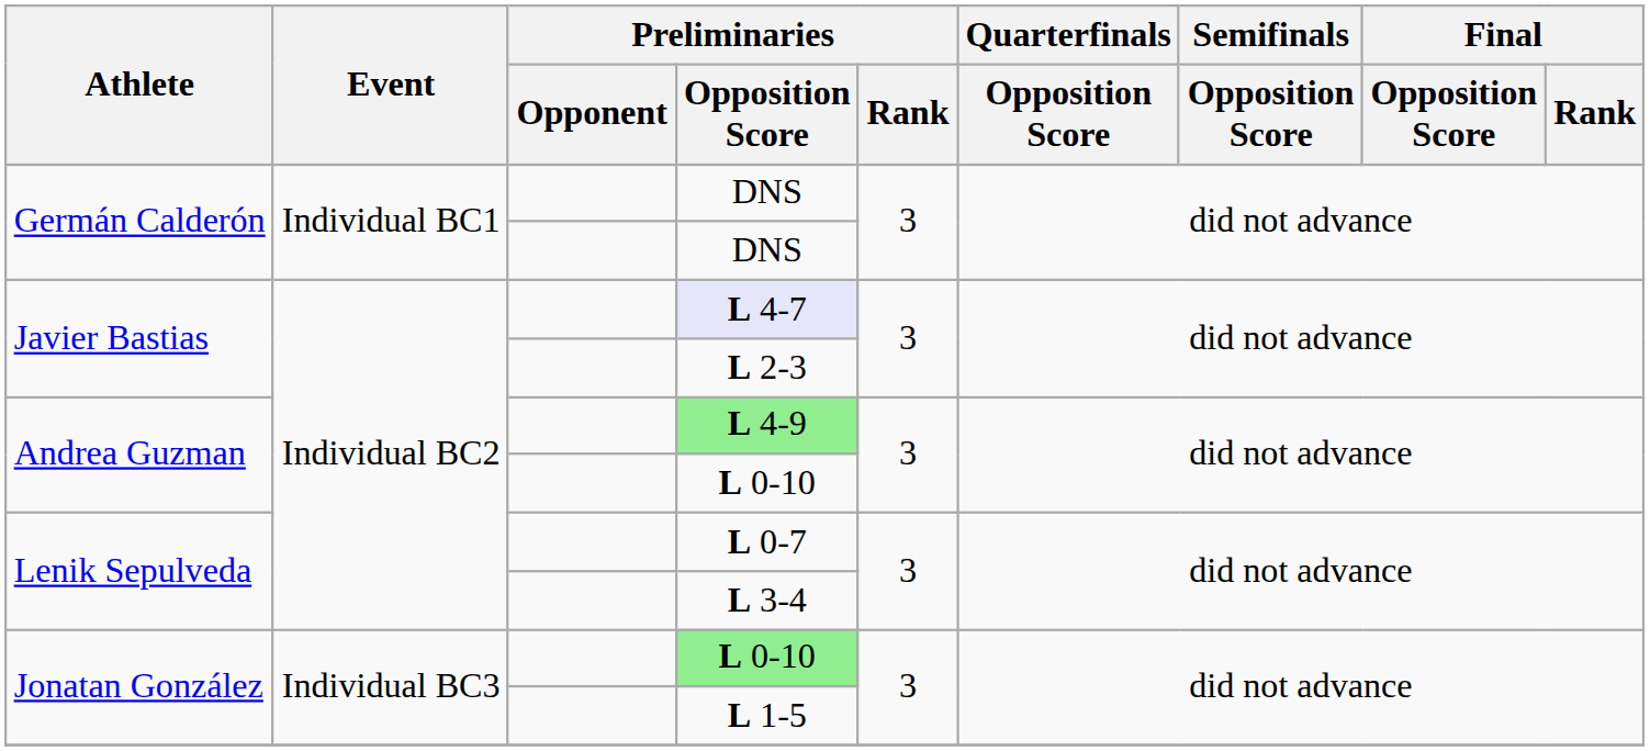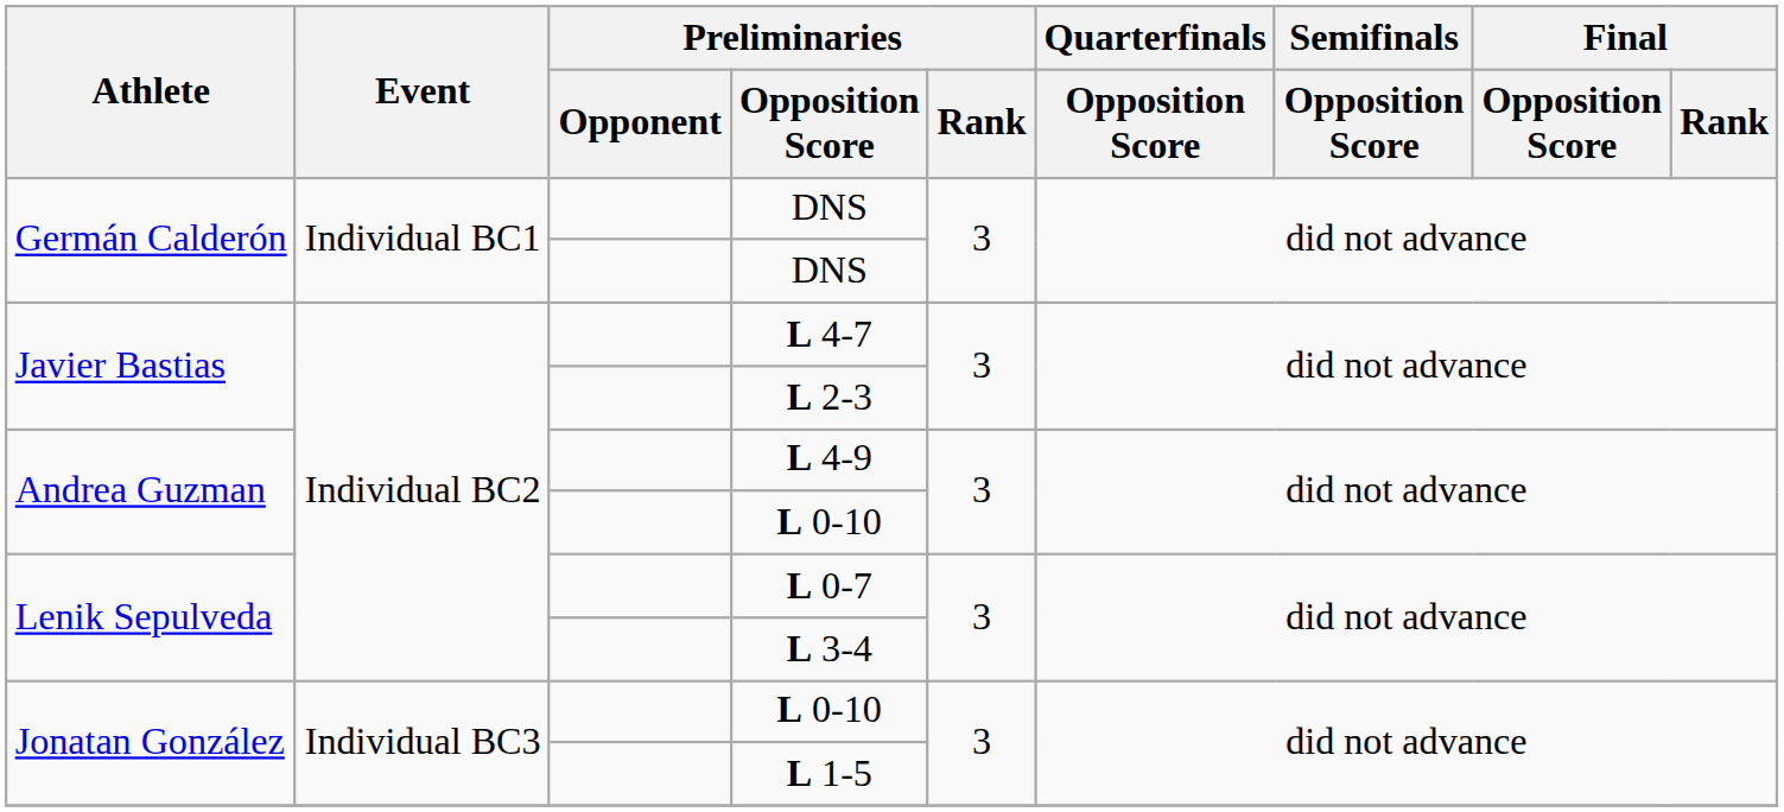 <table class=wikitable style="font-size:90%">
 <tr>
 <th rowspan="2">Athlete</th>
 <th rowspan="2">Event</th>
 <th colspan="3">Preliminaries</th>
 <th>Quarterfinals</th>
 <th>Semifinals</th>
 <th colspan="2">Final</th>
 </tr>
 <tr>
 <th>Opponent</th>
 <th>Opposition<br>Score</th>
 <th>Rank</th>
 <th>Opposition<br>Score</th>
 <th>Opposition<br>Score</th>
 <th>Opposition<br>Score</th>
 <th>Rank</th>
 </tr>
 <tr>
 <td rowspan="2"><a href='#'>Germán Calderón</a></td>
 <td rowspan="2">Individual BC1</td>
 <td align="left"></td>
 <td align="center">DNS</td>
 <td align="center" rowspan="2">3</td>
 <td align="center" colspan="4" rowspan="2">did not advance</td>
 </tr>
 <tr>
 <td align="left"></td>
 <td align="center">DNS</td>
 </tr>
 <tr>
 <td rowspan="2"><a href='#'>Javier Bastias</a></td>
 <td rowspan="6">Individual BC2</td>
 <td align="left"></td>
-<td align="center" style="background: lavender;"><strong>L</strong> 4-7</td>
+<td align="center"><strong>L</strong> 4-7</td>
 <td align="center" rowspan="2">3</td>
 <td align="center" colspan="4" rowspan="2">did not advance</td>
 </tr>
 <tr>
 <td align="left"></td>
 <td align="center"><strong>L</strong> 2-3</td>
 </tr>
 <tr>
 <td rowspan="2"><a href='#'>Andrea Guzman</a></td>
 <td align="left"></td>
-<td align="center" style="background: lightgreen;"><strong>L</strong> 4-9</td>
+<td align="center"><strong>L</strong> 4-9</td>
 <td align="center" rowspan="2">3</td>
 <td align="center" colspan="4" rowspan="2">did not advance</td>
 </tr>
 <tr>
 <td align="left"></td>
 <td align="center"><strong>L</strong> 0-10</td>
 </tr>
 <tr>
 <td rowspan="2"><a href='#'>Lenik Sepulveda</a></td>
 <td align="left"></td>
 <td align="center"><strong>L</strong> 0-7</td>
 <td align="center" rowspan="2">3</td>
 <td align="center" colspan="4" rowspan="2">did not advance</td>
 </tr>
 <tr>
 <td align="left"></td>
 <td align="center"><strong>L</strong> 3-4</td>
 </tr>
 <tr>
 <td rowspan="2"><a href='#'>Jonatan González</a></td>
 <td rowspan="2">Individual BC3</td>
 <td align="left"></td>
-<td align="center" style="background: lightgreen;"><strong>L</strong> 0-10</td>
+<td align="center"><strong>L</strong> 0-10</td>
 <td align="center" rowspan="2">3</td>
 <td align="center" colspan="4" rowspan="2">did not advance</td>
 </tr>
 <tr>
 <td align="left"></td>
 <td align="center"><strong>L</strong> 1-5</td>
 </tr>
 <tr>
 </tr>
 </table>
